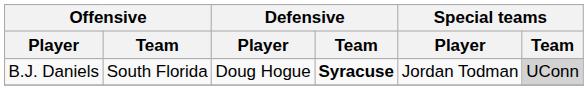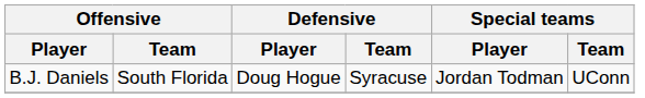 <table class="wikitable" border="1">
 <tr>
 <th colspan="2">Offensive</th>
 <th colspan="2">Defensive</th>
 <th colspan="2">Special teams</th>
 </tr>
 <tr>
 <th>Player</th>
 <th>Team</th>
 <th>Player</th>
 <th>Team</th>
 <th>Player</th>
 <th>Team</th>
 </tr>
 <tr>
 <td>B.J. Daniels</td>
 <td>South Florida</td>
 <td>Doug Hogue</td>
-<td><strong>Syracuse</strong></td>
+<td>Syracuse</td>
 <td>Jordan Todman</td>
-<td style="background: lightgrey;">UConn</td>
+<td>UConn</td>
 </tr>
 <tr>
 </tr>
 </table>
